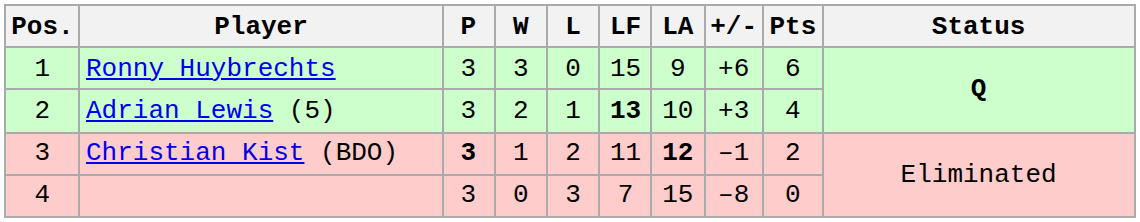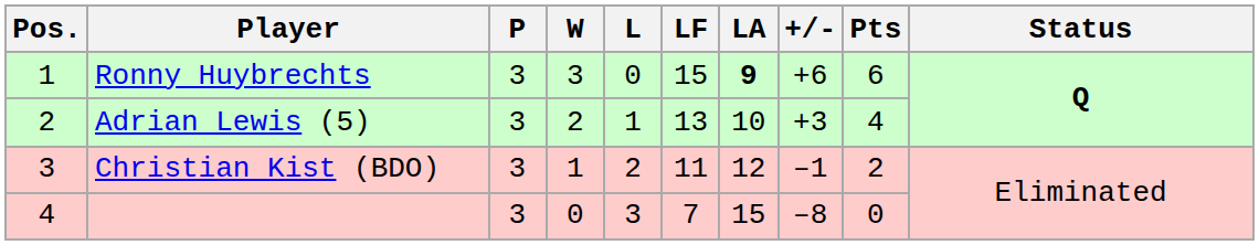 <table class="wikitable" style="text-align:center; margin: 1em auto 1em auto, align:left">
 <tr>
 <th width=20>Pos.</th>
 <th width=175>Player</th>
 <th width=20>P</th>
 <th width=20>W</th>
 <th width=20>L</th>
 <th width=20>LF</th>
 <th width=20>LA</th>
 <th width=20>+/-</th>
 <th width=20>Pts</th>
 <th width=150>Status</th>
 </tr>
 <tr style="background:#CCFFCC;">
 <td>1</td>
 <td style="text-align:left;"> <a href='#'>Ronny Huybrechts</a></td>
 <td>3</td>
 <td>3</td>
 <td>0</td>
 <td>15</td>
-<td>9</td>
+<td><strong>9</strong></td>
 <td>+6</td>
 <td>6</td>
 <td rowspan=2><strong>Q</strong></td>
 </tr>
 <tr style="background:#CCFFCC;">
 <td>2</td>
 <td style="text-align:left;"> <a href='#'>Adrian Lewis</a> (5)</td>
 <td>3</td>
 <td>2</td>
 <td>1</td>
-<td><strong>13</strong></td>
+<td>13</td>
 <td>10</td>
 <td>+3</td>
 <td>4</td>
 </tr>
 <tr style="background:#FFCCCC;">
 <td>3</td>
 <td style="text-align:left;"> <a href='#'>Christian Kist</a> (BDO)</td>
-<td><strong>3</strong></td>
+<td>3</td>
 <td>1</td>
 <td>2</td>
 <td>11</td>
-<td><strong>12</strong></td>
+<td>12</td>
 <td>–1</td>
 <td>2</td>
 <td rowspan=2>Eliminated</td>
 </tr>
 <tr style="background:#FFCCCC;">
 <td>4</td>
 <td style="text-align:left;"></td>
 <td>3</td>
 <td>0</td>
 <td>3</td>
 <td>7</td>
 <td>15</td>
 <td>–8</td>
 <td>0</td>
 </tr>
 </table>
